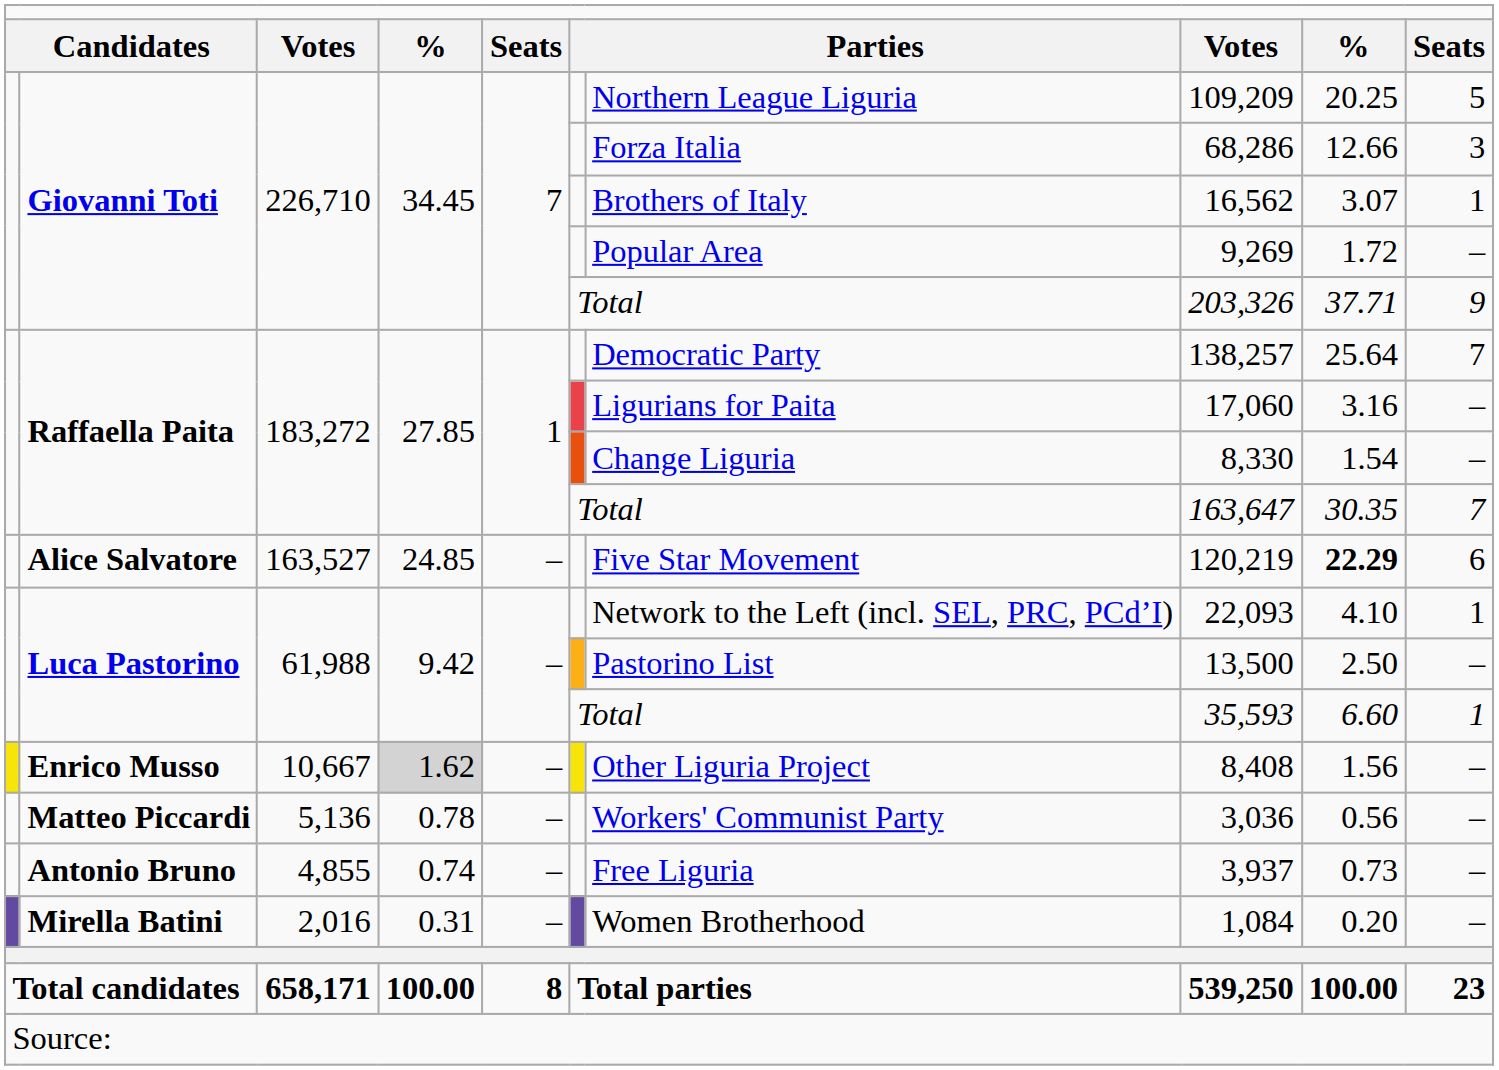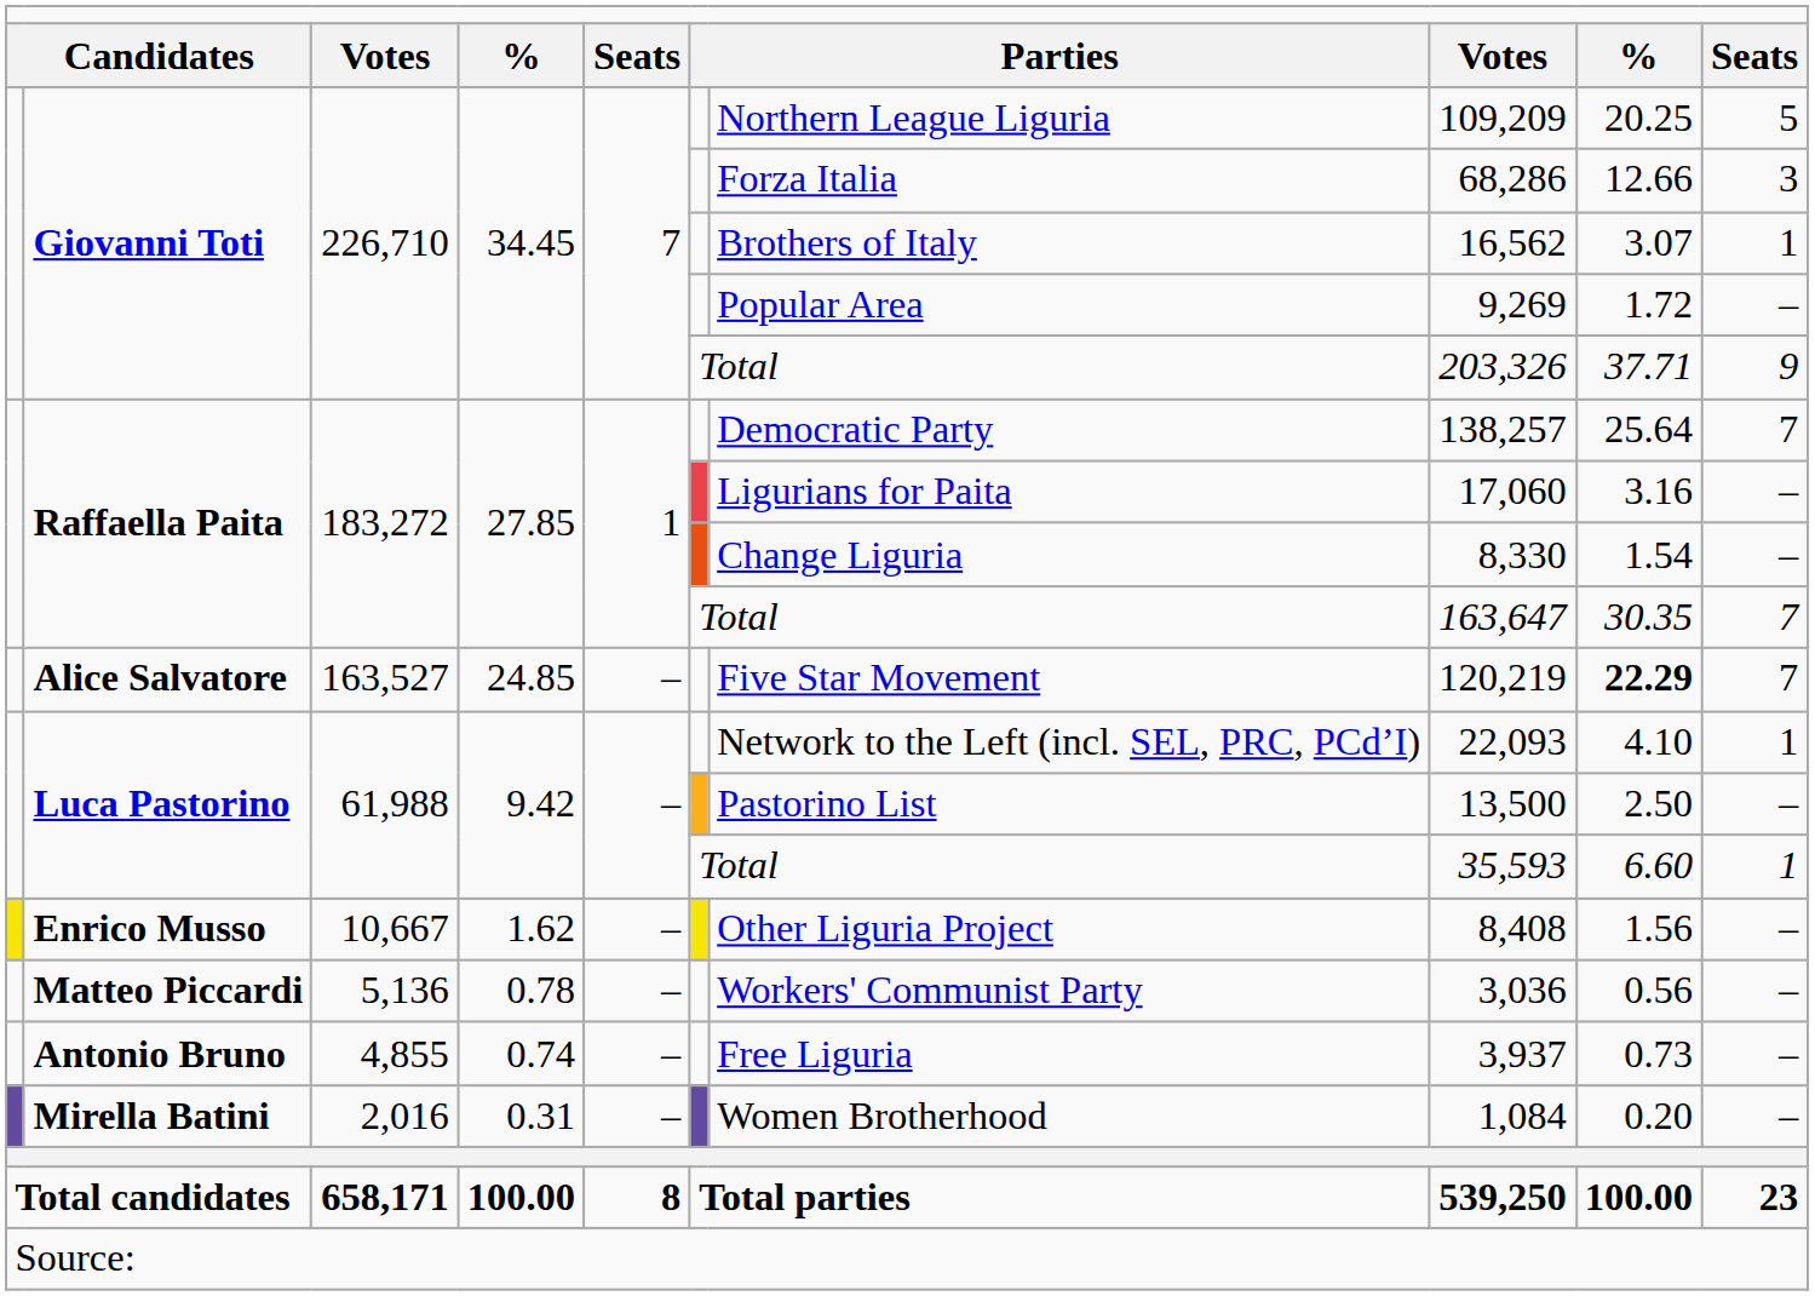 <table class="wikitable">
 <tr>
 <td colspan="10"></td>
 </tr>
 <tr>
 <th colspan="2">Candidates</th>
 <th>Votes</th>
 <th>%</th>
 <th>Seats</th>
 <th colspan="2">Parties</th>
 <th>Votes</th>
 <th>%</th>
 <th>Seats</th>
 </tr>
 <tr>
 <td rowspan="5"></td>
 <td rowspan="5"><strong><a href='#'>Giovanni Toti</a></strong></td>
 <td rowspan="5" align="right">226,710</td>
 <td rowspan="5" align="right">34.45</td>
 <td rowspan="5" align="right">7</td>
 <td></td>
 <td><a href='#'>Northern League Liguria</a></td>
 <td align="right">109,209</td>
 <td align="right">20.25</td>
 <td align="right">5</td>
 </tr>
 <tr>
 <td></td>
 <td><a href='#'>Forza Italia</a></td>
 <td align="right">68,286</td>
 <td align="right">12.66</td>
 <td align="right">3</td>
 </tr>
 <tr>
 <td></td>
 <td><a href='#'>Brothers of Italy</a></td>
 <td align="right">16,562</td>
 <td align="right">3.07</td>
 <td align="right">1</td>
 </tr>
 <tr>
 <td></td>
 <td><a href='#'>Popular Area</a></td>
 <td align="right">9,269</td>
 <td align="right">1.72</td>
 <td align="right">–</td>
 </tr>
 <tr>
 <td colspan="2"><em>Total</em></td>
 <td align="right"><em>203,326</em></td>
 <td align="right"><em>37.71</em></td>
 <td align="right"><em>9</em></td>
 </tr>
 <tr>
 <td rowspan="4"></td>
 <td rowspan="4"><strong>Raffaella Paita</strong></td>
 <td rowspan="4" align="right">183,272</td>
 <td rowspan="4" align="right">27.85</td>
 <td rowspan="4" align="right">1</td>
 <td></td>
 <td><a href='#'>Democratic Party</a></td>
 <td align="right">138,257</td>
 <td align="right">25.64</td>
 <td align="right">7</td>
 </tr>
 <tr>
 <td bgcolor="#E9424A"></td>
 <td><a href='#'>Ligurians for Paita</a></td>
 <td align="right">17,060</td>
 <td align="right">3.16</td>
 <td align="right">–</td>
 </tr>
 <tr>
 <td bgcolor="#E8500F"></td>
 <td><a href='#'>Change Liguria</a></td>
 <td align="right">8,330</td>
 <td align="right">1.54</td>
 <td align="right">–</td>
 </tr>
 <tr>
 <td colspan="2"><em>Total</em></td>
 <td align="right"><em>163,647</em></td>
 <td align="right"><em>30.35</em></td>
 <td align="right"><em>7</em></td>
 </tr>
 <tr>
 <td></td>
 <td><strong>Alice Salvatore</strong></td>
 <td align="right">163,527</td>
 <td align="right">24.85</td>
 <td align="right">–</td>
 <td></td>
 <td><a href='#'>Five Star Movement</a></td>
 <td align="right">120,219</td>
 <td align="right"><strong>22.29</strong></td>
-<td align="right">6</td>
+<td align="right">7</td>
 </tr>
 <tr>
 <td rowspan="3"></td>
 <td rowspan="3"><strong><a href='#'>Luca Pastorino</a></strong></td>
 <td rowspan="3" align="right">61,988</td>
 <td rowspan="3" align="right">9.42</td>
 <td rowspan="3" align="right">–</td>
 <td></td>
 <td>Network to the Left (incl. <a href='#'>SEL</a>, <a href='#'>PRC</a>, <a href='#'>PCd’I</a>)</td>
 <td align="right">22,093</td>
 <td align="right">4.10</td>
 <td align="right">1</td>
 </tr>
 <tr>
 <td bgcolor="#FDAF17"></td>
 <td><a href='#'>Pastorino List</a></td>
 <td align="right">13,500</td>
 <td align="right">2.50</td>
 <td align="right">–</td>
 </tr>
 <tr>
 <td colspan="2"><em>Total</em></td>
 <td align="right"><em>35,593</em></td>
 <td align="right"><em>6.60</em></td>
 <td align="right"><em>1</em></td>
 </tr>
 <tr>
 <td bgcolor="#F7E408"></td>
 <td><strong>Enrico Musso</strong></td>
 <td align="right">10,667</td>
-<td align="right" style="background: lightgrey;">1.62</td>
+<td align="right">1.62</td>
 <td align="right">–</td>
 <td bgcolor="#F7E408"></td>
 <td><a href='#'>Other Liguria Project</a></td>
 <td align="right">8,408</td>
 <td align="right">1.56</td>
 <td align="right">–</td>
 </tr>
 <tr>
 <td></td>
 <td><strong>Matteo Piccardi</strong></td>
 <td align="right">5,136</td>
 <td align="right">0.78</td>
 <td align="right">–</td>
 <td></td>
 <td><a href='#'>Workers' Communist Party</a></td>
 <td align="right">3,036</td>
 <td align="right">0.56</td>
 <td align="right">–</td>
 </tr>
 <tr>
 <td></td>
 <td><strong>Antonio Bruno</strong></td>
 <td align="right">4,855</td>
 <td align="right">0.74</td>
 <td align="right">–</td>
 <td></td>
 <td><a href='#'>Free Liguria</a></td>
 <td align="right">3,937</td>
 <td align="right">0.73</td>
 <td align="right">–</td>
 </tr>
 <tr>
 <td bgcolor="#624AA0"></td>
 <td><strong>Mirella Batini</strong></td>
 <td align="right">2,016</td>
 <td align="right">0.31</td>
 <td align="right">–</td>
 <td bgcolor="#624AA0"></td>
 <td>Women Brotherhood</td>
 <td align="right">1,084</td>
 <td align="right">0.20</td>
 <td align="right">–</td>
 </tr>
 <tr>
 <th colspan="10"></th>
 </tr>
 <tr>
 <td colspan="2"><strong>Total candidates</strong></td>
 <td align="right"><strong>658,171</strong></td>
 <td align="right"><strong>100.00</strong></td>
 <td align="right"><strong>8</strong></td>
 <td colspan="2"><strong>Total parties</strong></td>
 <td align="right"><strong>539,250</strong></td>
 <td align="right"><strong>100.00</strong></td>
 <td align="right"><strong>23</strong></td>
 </tr>
 <tr>
 <td colspan="10">Source: </td>
 </tr>
 </table>
